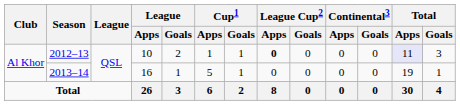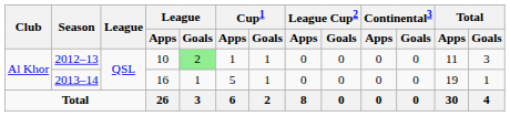 <table class="wikitable" style="font-size:90%; text-align:center;">
 <tr>
 <th rowspan="2">Club</th>
 <th rowspan="2">Season</th>
 <th rowspan="2">League</th>
 <th colspan="2">League</th>
 <th colspan="2">Cup<sup><a href='#'>1</a></sup></th>
 <th colspan="2">League Cup<sup><a href='#'>2</a></sup></th>
 <th colspan="2">Continental<sup><a href='#'>3</a></sup></th>
 <th colspan="2">Total</th>
 </tr>
 <tr>
 <th>Apps</th>
 <th>Goals</th>
 <th>Apps</th>
 <th>Goals</th>
 <th>Apps</th>
 <th>Goals</th>
 <th>Apps</th>
 <th>Goals</th>
 <th>Apps</th>
 <th>Goals</th>
 </tr>
 <tr>
 <td rowspan="2"><a href='#'>Al Khor</a></td>
 <td><a href='#'>2012–13</a></td>
 <td rowspan="2" valign="center"><a href='#'>QSL</a></td>
 <td>10</td>
-<td>2</td>
+<td style="background: lightgreen;">2</td>
 <td>1</td>
 <td>1</td>
-<td><strong>0</strong></td>
 <td>0</td>
 <td>0</td>
 <td>0</td>
-<td style="background: lavender;">11</td>
+<td>0</td>
+<td>11</td>
 <td>3</td>
 </tr>
 <tr>
 <td><a href='#'>2013–14</a></td>
 <td>16</td>
 <td>1</td>
 <td>5</td>
 <td>1</td>
 <td>0</td>
 <td>0</td>
 <td>0</td>
 <td>0</td>
 <td>19</td>
 <td>1</td>
 </tr>
 <tr>
 <td colspan="3" valign="center"><strong>Total</strong></td>
 <th>26</th>
 <th>3</th>
 <th>6</th>
 <th>2</th>
 <th>8</th>
 <th>0</th>
 <th>0</th>
 <th>0</th>
 <th>30</th>
 <th>4</th>
 </tr>
 </table>
